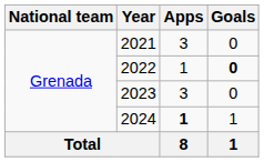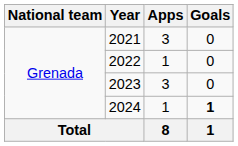 <table class=wikitable style=text-align:center>
 <tr>
 <th>National team</th>
 <th>Year</th>
 <th>Apps</th>
 <th>Goals</th>
 </tr>
 <tr>
 <td rowspan=4><a href='#'>Grenada</a></td>
 <td>2021</td>
 <td>3</td>
 <td>0</td>
 </tr>
 <tr>
 <td>2022</td>
 <td>1</td>
-<td><strong>0</strong></td>
+<td>0</td>
 </tr>
 <tr>
 <td>2023</td>
 <td>3</td>
 <td>0</td>
 </tr>
 <tr>
 <td>2024</td>
+<td>1</td>
 <td><strong>1</strong></td>
-<td>1</td>
 </tr>
 <tr>
 <th colspan=2>Total</th>
 <th>8</th>
 <th>1</th>
 </tr>
 </table>
